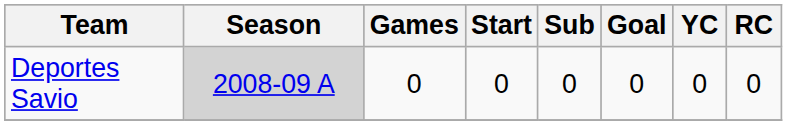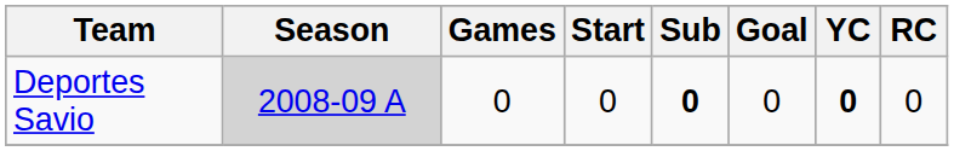 <table class="wikitable" border="1">
 <tr>
 <th width="100">Team</th>
 <th width="100">Season</th>
 <th width="25">Games</th>
 <th width="25">Start</th>
 <th width="25">Sub</th>
 <th width="25">Goal</th>
 <th width="25">YC</th>
 <th width="25">RC</th>
 </tr>
 <tr>
 <td width="100"><a href='#'>Deportes Savio</a></td>
 <td align="center" style="background: lightgrey;"><a href='#'>2008-09 A</a></td>
 <td align="center">0</td>
 <td align="center">0</td>
+<td align="center"><strong>0</strong></td>
 <td align="center">0</td>
-<td align="center">0</td>
-<td align="center">0</td>
+<td align="center"><strong>0</strong></td>
 <td align="center">0</td>
 </tr>
 <tr>
 </tr>
 </table>
